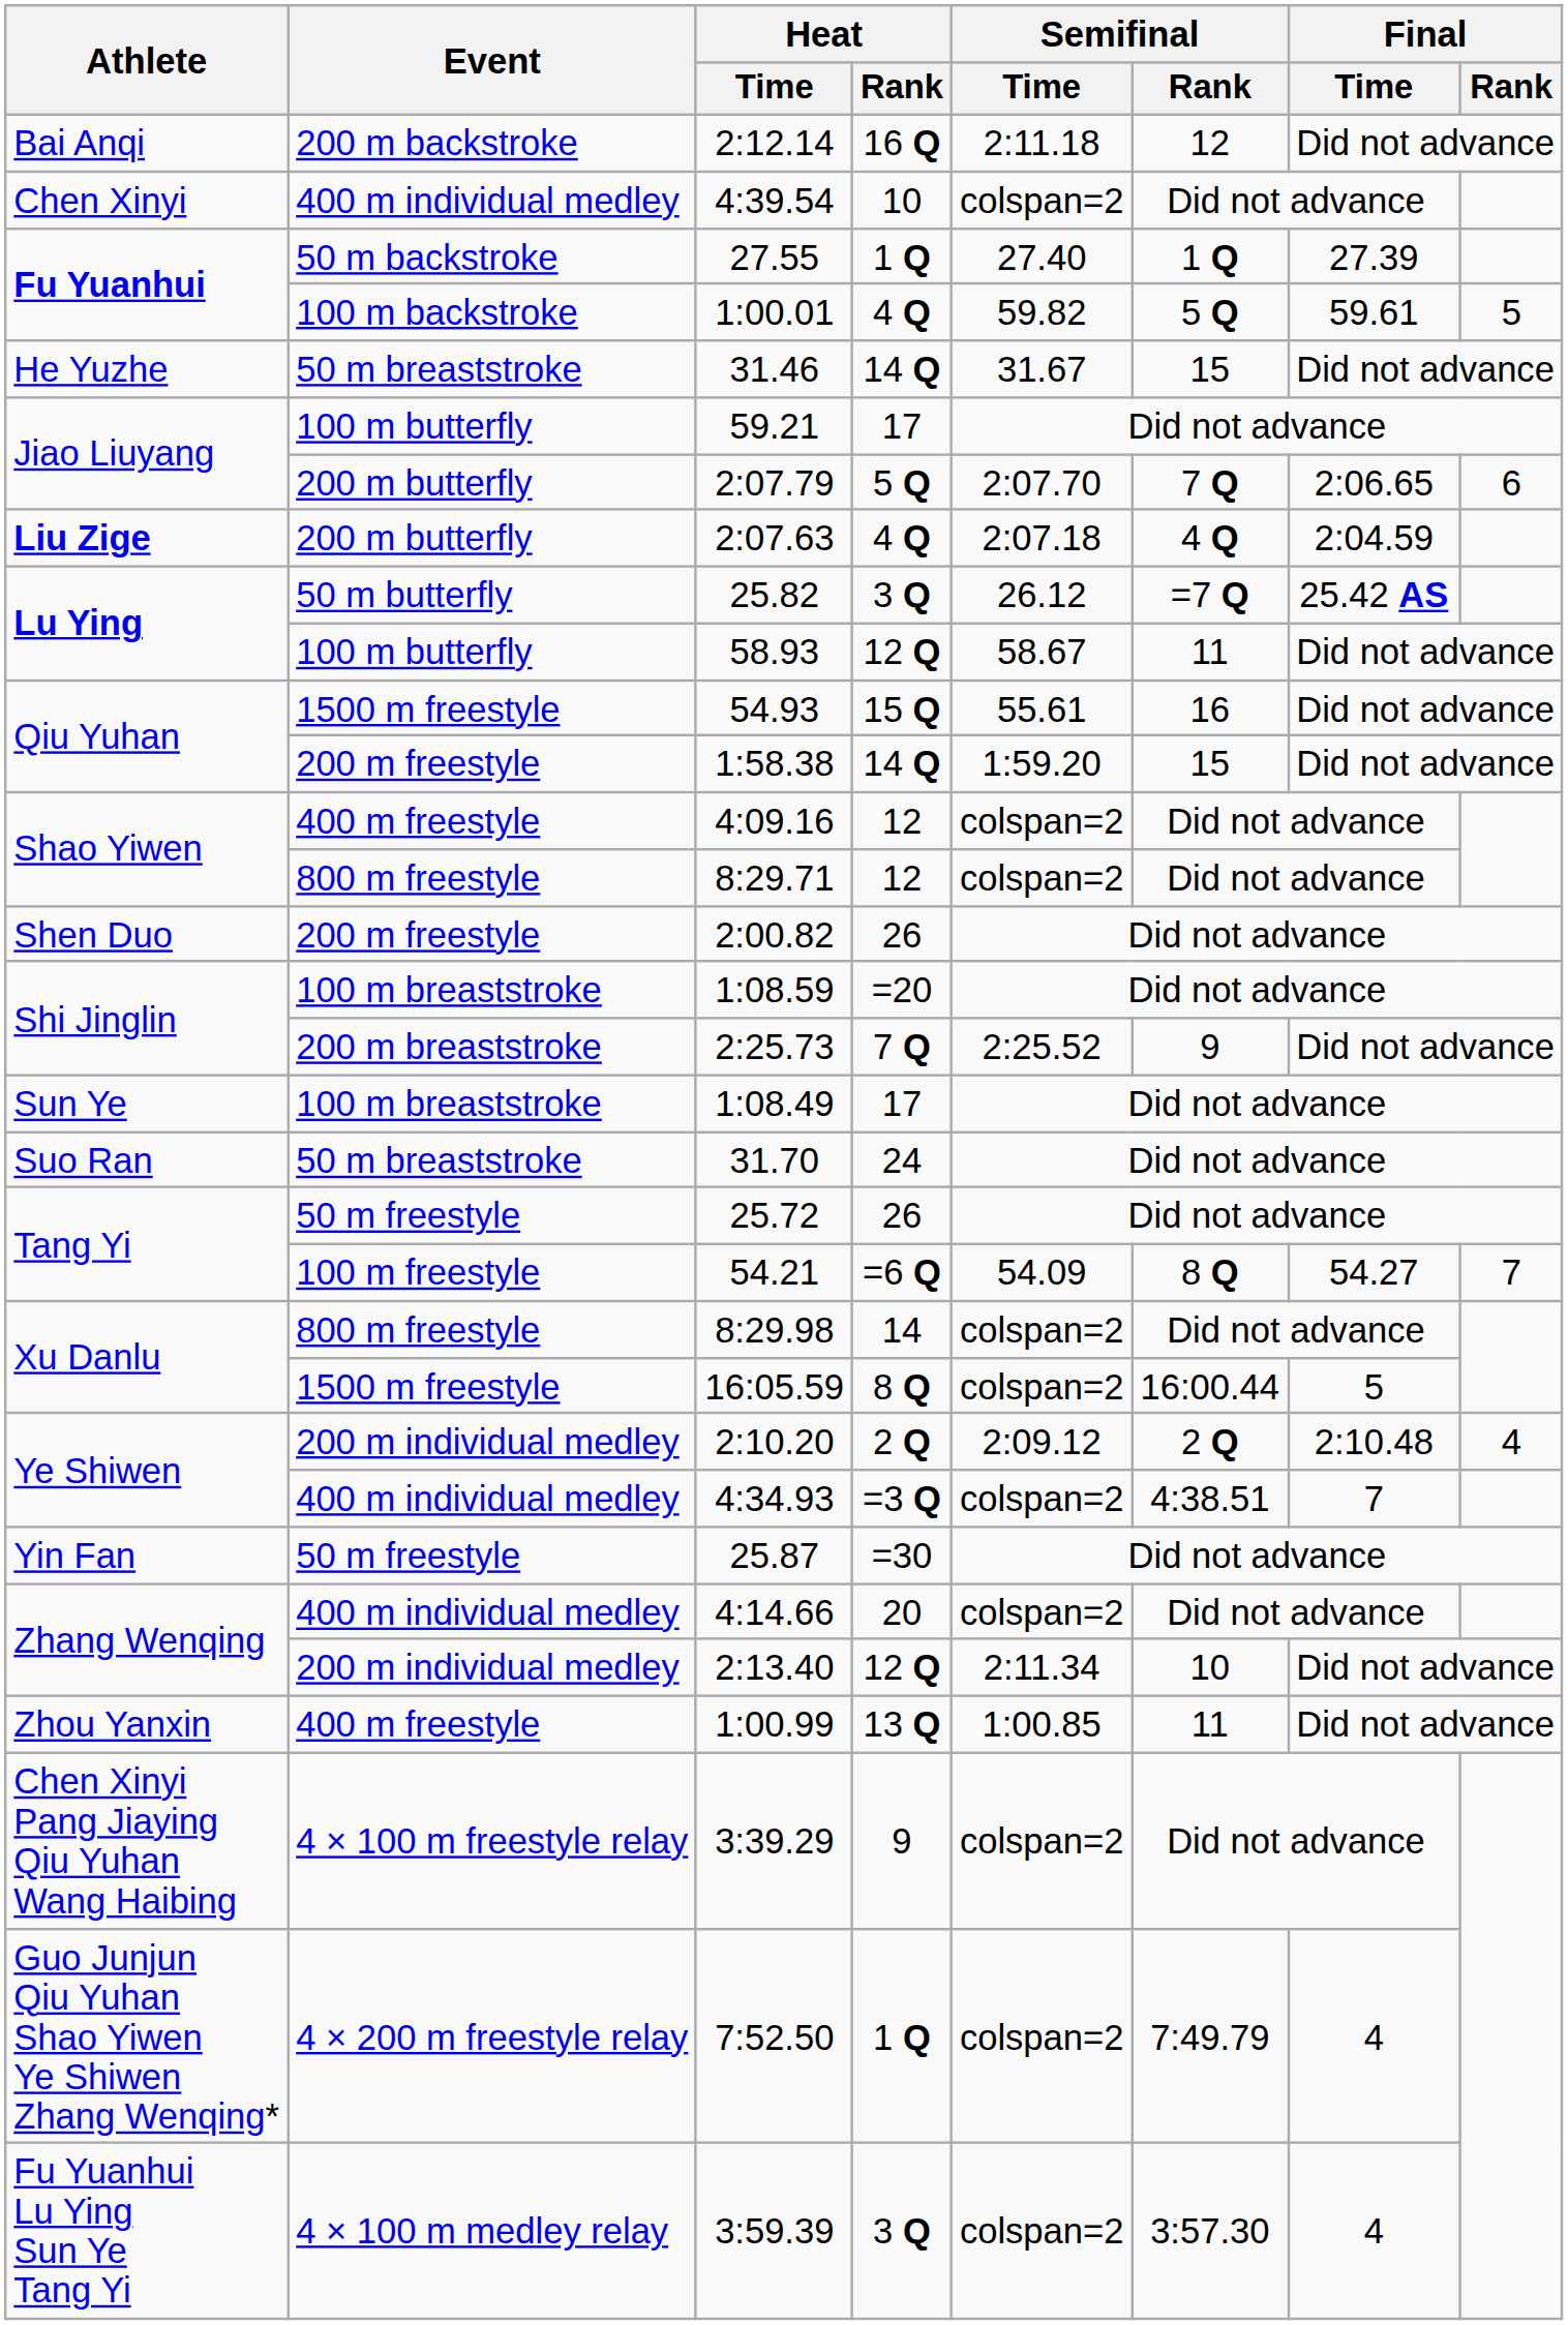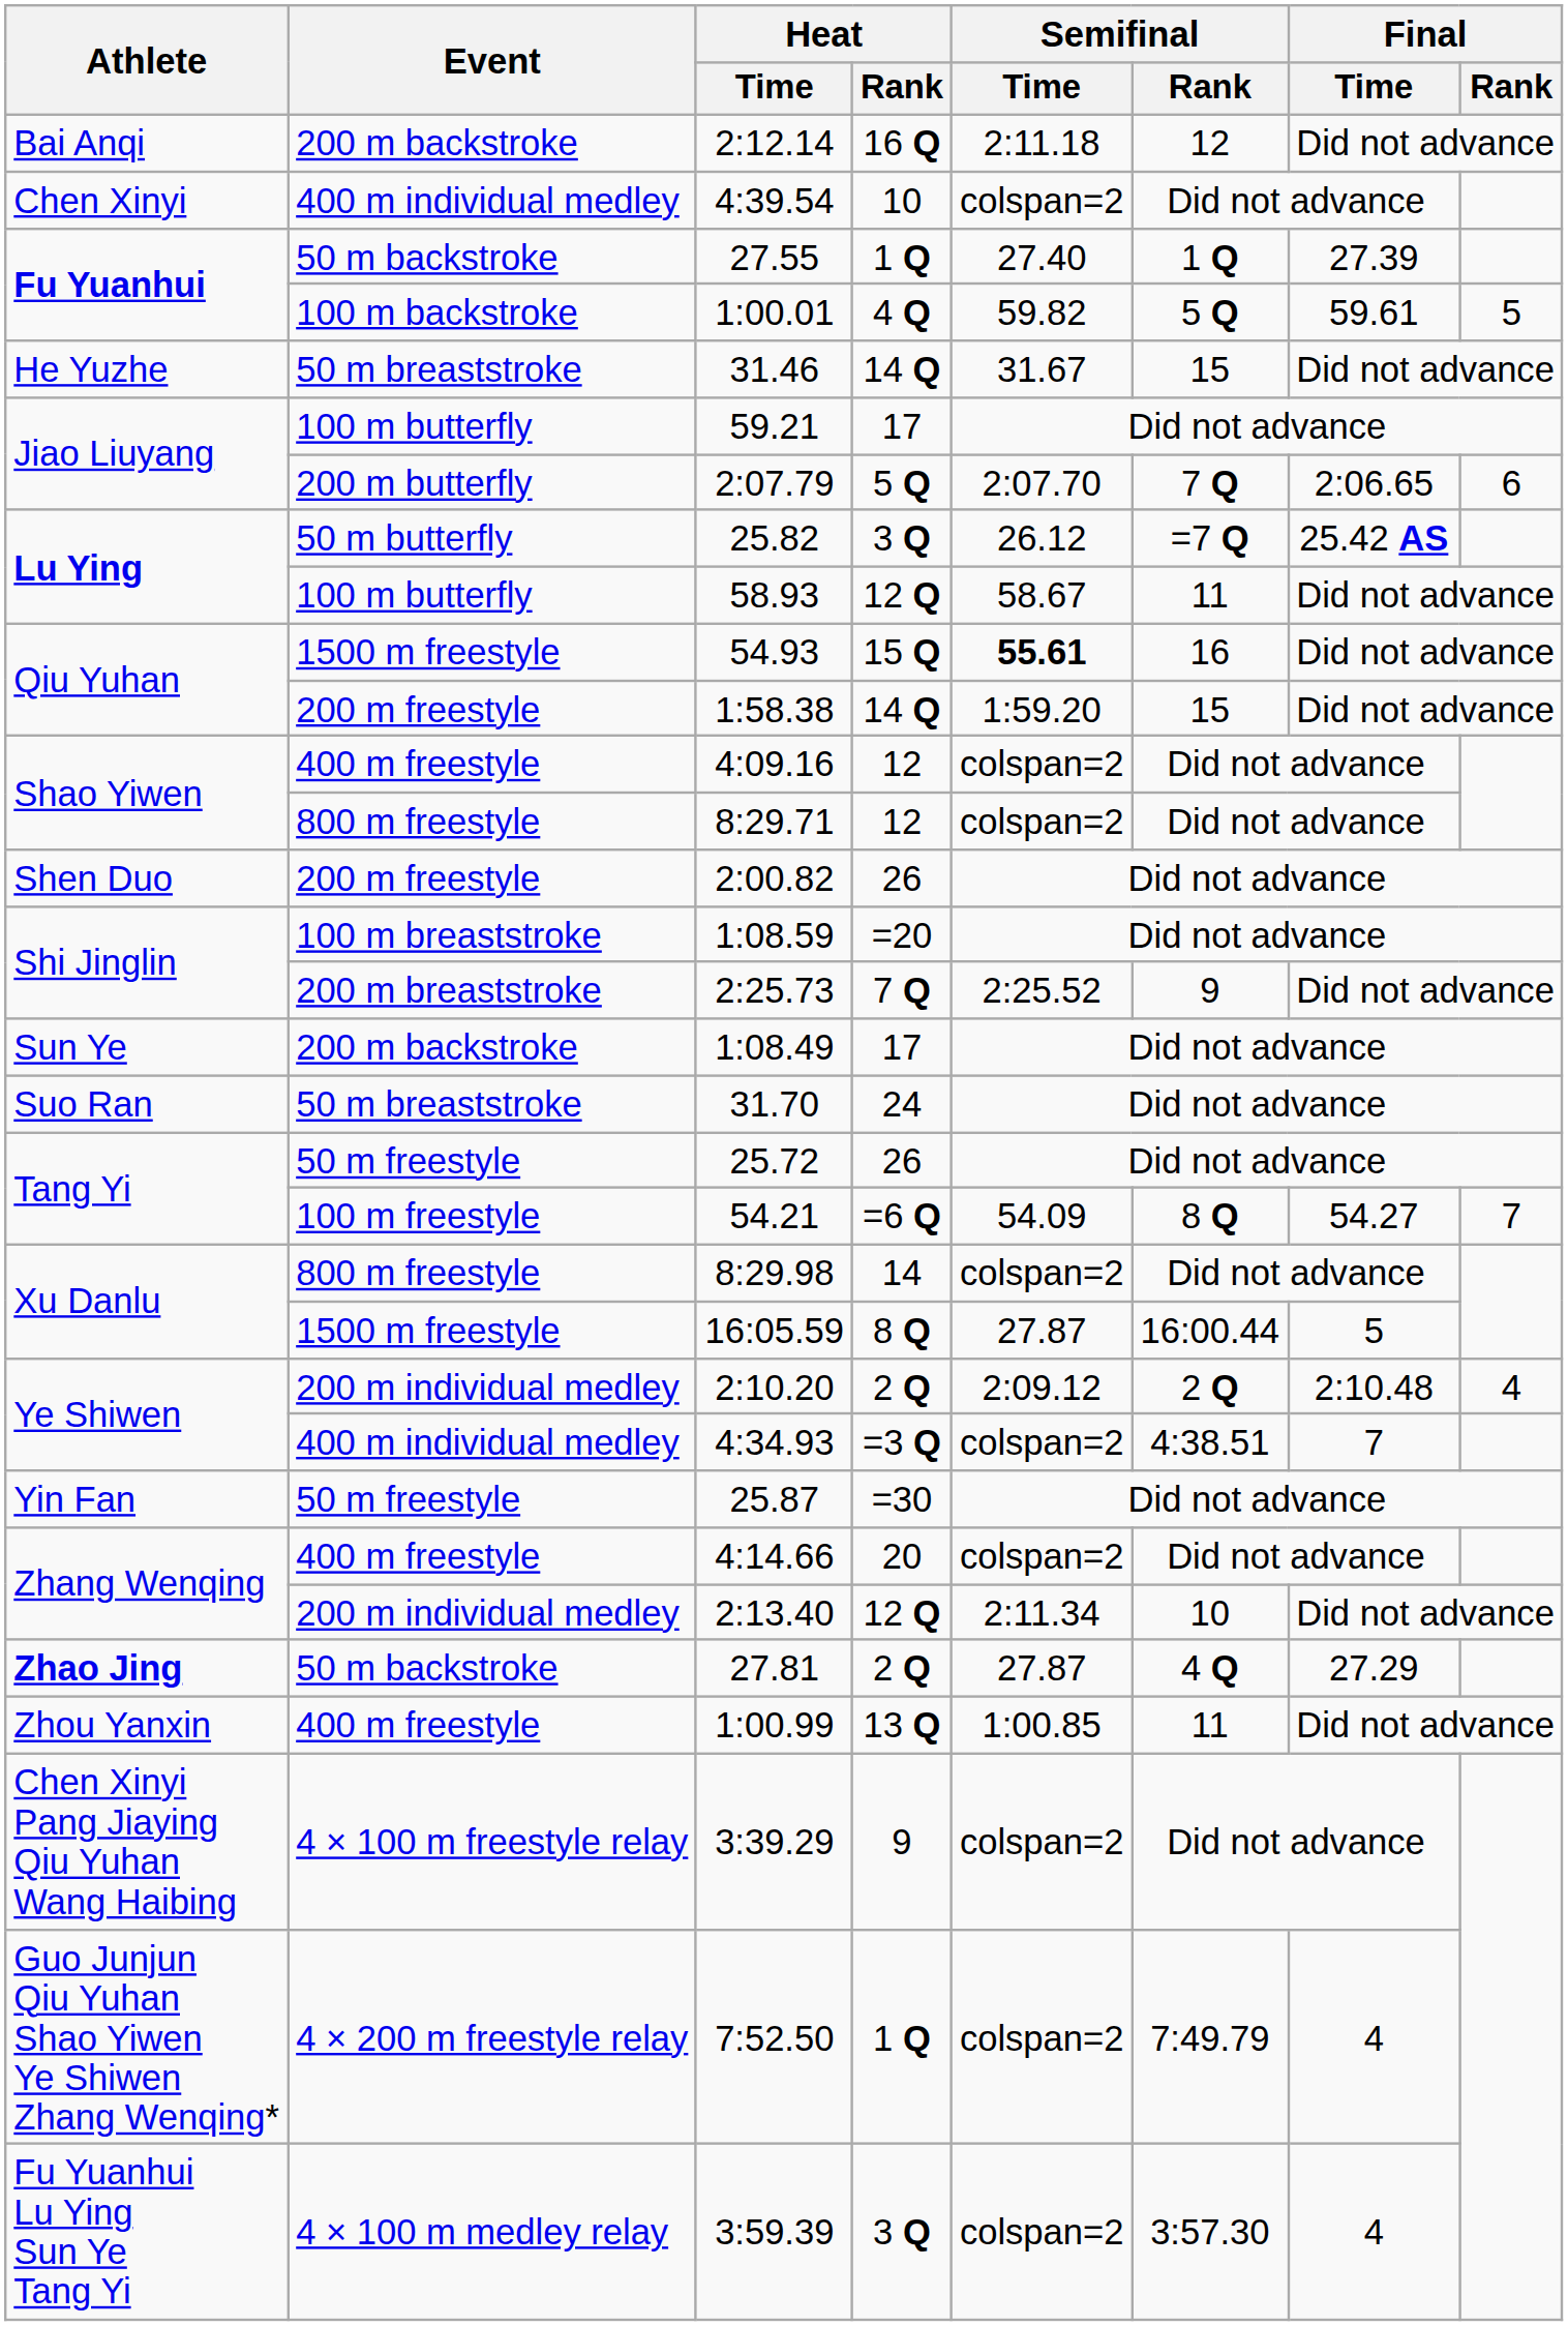 <table class=wikitable style="font-size:90%">
 <tr>
 <th rowspan="2">Athlete</th>
 <th rowspan="2">Event</th>
 <th colspan="2">Heat</th>
 <th colspan="2">Semifinal</th>
 <th colspan="2">Final</th>
 </tr>
 <tr style="font-size:95%">
 <th>Time</th>
 <th>Rank</th>
 <th>Time</th>
 <th>Rank</th>
 <th>Time</th>
 <th>Rank</th>
 </tr>
 <tr align=center>
 <td align=left><a href='#'>Bai Anqi</a></td>
 <td align=left><a href='#'>200 m backstroke</a></td>
 <td>2:12.14</td>
 <td>16 <strong>Q</strong></td>
 <td>2:11.18</td>
 <td>12</td>
 <td colspan=2>Did not advance</td>
 </tr>
 <tr align=center>
 <td align=left><a href='#'>Chen Xinyi</a></td>
 <td align=left><a href='#'>400 m individual medley</a></td>
 <td>4:39.54</td>
 <td>10</td>
 <td>colspan=2 </td>
 <td colspan=2>Did not advance</td>
 </tr>
 <tr align=center>
 <td align=left rowspan=2><strong><a href='#'>Fu Yuanhui</a></strong></td>
 <td align=left><a href='#'>50 m backstroke</a></td>
 <td>27.55</td>
 <td>1 <strong>Q</strong></td>
 <td>27.40</td>
 <td>1 <strong>Q</strong></td>
 <td>27.39</td>
 <td></td>
 </tr>
 <tr align=center>
 <td align=left><a href='#'>100 m backstroke</a></td>
 <td>1:00.01</td>
 <td>4 <strong>Q</strong></td>
 <td>59.82</td>
 <td>5 <strong>Q</strong></td>
 <td>59.61</td>
 <td>5</td>
 </tr>
 <tr align=center>
 <td align=left><a href='#'>He Yuzhe</a></td>
 <td align=left><a href='#'>50 m breaststroke</a></td>
 <td>31.46</td>
 <td>14 <strong>Q</strong></td>
 <td>31.67</td>
 <td>15</td>
 <td colspan=2>Did not advance</td>
 </tr>
 <tr align=center>
 <td align=left rowspan=2><a href='#'>Jiao Liuyang</a></td>
 <td align=left><a href='#'>100 m butterfly</a></td>
 <td>59.21</td>
 <td>17</td>
 <td colspan=4>Did not advance</td>
 </tr>
 <tr align=center>
 <td align=left><a href='#'>200 m butterfly</a></td>
 <td>2:07.79</td>
 <td>5 <strong>Q</strong></td>
 <td>2:07.70</td>
 <td>7 <strong>Q</strong></td>
 <td>2:06.65</td>
 <td>6</td>
 </tr>
 <tr align=center>
-<td align=left><strong><a href='#'>Liu Zige</a></strong></td>
-<td align=left><a href='#'>200 m butterfly</a></td>
-<td>2:07.63</td>
-<td>4 <strong>Q</strong></td>
-<td>2:07.18</td>
-<td>4 <strong>Q</strong></td>
-<td>2:04.59</td>
-<td></td>
-</tr>
-<tr align=center>
 <td align=left rowspan=2><strong><a href='#'>Lu Ying</a></strong></td>
 <td align=left><a href='#'>50 m butterfly</a></td>
 <td>25.82</td>
 <td>3 <strong>Q</strong></td>
 <td>26.12</td>
 <td>=7 <strong>Q</strong></td>
 <td>25.42 <strong><a href='#'>AS</a></strong></td>
 <td></td>
 </tr>
 <tr align=center>
 <td align=left><a href='#'>100 m butterfly</a></td>
 <td>58.93</td>
 <td>12 <strong>Q</strong></td>
 <td>58.67</td>
 <td>11</td>
 <td colspan=2>Did not advance</td>
 </tr>
 <tr align=center>
 <td align=left rowspan=2><a href='#'>Qiu Yuhan</a></td>
 <td align=left><a href='#'>1500 m freestyle</a></td>
 <td>54.93</td>
 <td>15 <strong>Q</strong></td>
-<td>55.61</td>
+<td><strong>55.61</strong></td>
 <td>16</td>
 <td colspan=2>Did not advance</td>
 </tr>
 <tr align=center>
 <td align=left><a href='#'>200 m freestyle</a></td>
 <td>1:58.38</td>
 <td>14 <strong>Q</strong></td>
 <td>1:59.20</td>
 <td>15</td>
 <td colspan=2>Did not advance</td>
 </tr>
 <tr align=center>
 <td align=left rowspan=2><a href='#'>Shao Yiwen</a></td>
 <td align=left><a href='#'>400 m freestyle</a></td>
 <td>4:09.16</td>
 <td>12</td>
 <td>colspan=2 </td>
 <td colspan=2>Did not advance</td>
 </tr>
 <tr align=center>
 <td align=left><a href='#'>800 m freestyle</a></td>
 <td>8:29.71</td>
 <td>12</td>
 <td>colspan=2 </td>
 <td colspan=2>Did not advance</td>
 </tr>
 <tr align=center>
 <td align=left><a href='#'>Shen Duo</a></td>
 <td align=left><a href='#'>200 m freestyle</a></td>
 <td>2:00.82</td>
 <td>26</td>
 <td colspan=4>Did not advance</td>
 </tr>
 <tr align=center>
 <td align=left rowspan=2><a href='#'>Shi Jinglin</a></td>
 <td align=left><a href='#'>100 m breaststroke</a></td>
 <td>1:08.59</td>
 <td>=20</td>
 <td colspan=4>Did not advance</td>
 </tr>
 <tr align=center>
 <td align=left><a href='#'>200 m breaststroke</a></td>
 <td>2:25.73</td>
 <td>7 <strong>Q</strong></td>
 <td>2:25.52</td>
 <td>9</td>
 <td colspan=2>Did not advance</td>
 </tr>
 <tr align=center>
 <td align=left><a href='#'>Sun Ye</a></td>
-<td align=left><a href='#'>100 m breaststroke</a></td>
+<td align=left><a href='#'>200 m backstroke</a></td>
 <td>1:08.49</td>
 <td>17</td>
 <td colspan=4>Did not advance</td>
 </tr>
 <tr align=center>
 <td align=left><a href='#'>Suo Ran</a></td>
 <td align=left><a href='#'>50 m breaststroke</a></td>
 <td>31.70</td>
 <td>24</td>
 <td colspan=4>Did not advance</td>
 </tr>
 <tr align=center>
 <td align=left rowspan=2><a href='#'>Tang Yi</a></td>
 <td align=left><a href='#'>50 m freestyle</a></td>
 <td>25.72</td>
 <td>26</td>
 <td colspan=4>Did not advance</td>
 </tr>
 <tr align=center>
 <td align=left><a href='#'>100 m freestyle</a></td>
 <td>54.21</td>
 <td>=6 <strong>Q</strong></td>
 <td>54.09</td>
 <td>8 <strong>Q</strong></td>
 <td>54.27</td>
 <td>7</td>
 </tr>
 <tr align=center>
 <td align=left rowspan=2><a href='#'>Xu Danlu</a></td>
 <td align=left><a href='#'>800 m freestyle</a></td>
 <td>8:29.98</td>
 <td>14</td>
 <td>colspan=2 </td>
 <td colspan=2>Did not advance</td>
 </tr>
 <tr align=center>
 <td align=left><a href='#'>1500 m freestyle</a></td>
 <td>16:05.59</td>
 <td>8 <strong>Q</strong></td>
-<td>colspan=2 </td>
+<td>27.87</td>
 <td>16:00.44</td>
 <td>5</td>
 </tr>
 <tr align=center>
 <td align=left rowspan=2><a href='#'>Ye Shiwen</a></td>
 <td align=left><a href='#'>200 m individual medley</a></td>
 <td>2:10.20</td>
 <td>2 <strong>Q</strong></td>
 <td>2:09.12</td>
 <td>2 <strong>Q</strong></td>
 <td>2:10.48</td>
 <td>4</td>
 </tr>
 <tr align=center>
 <td align=left><a href='#'>400 m individual medley</a></td>
 <td>4:34.93</td>
 <td>=3 <strong>Q</strong></td>
 <td>colspan=2 </td>
 <td>4:38.51</td>
 <td>7</td>
 </tr>
 <tr align=center>
 <td align=left><a href='#'>Yin Fan</a></td>
 <td align=left><a href='#'>50 m freestyle</a></td>
 <td>25.87</td>
 <td>=30</td>
 <td colspan=4>Did not advance</td>
 </tr>
 <tr align=center>
 <td align=left rowspan=2><a href='#'>Zhang Wenqing</a></td>
-<td align=left><a href='#'>400 m individual medley</a></td>
+<td align=left><a href='#'>400 m freestyle</a></td>
 <td>4:14.66</td>
 <td>20</td>
 <td>colspan=2 </td>
 <td colspan=2>Did not advance</td>
 </tr>
 <tr align=center>
 <td align=left><a href='#'>200 m individual medley</a></td>
 <td>2:13.40</td>
 <td>12 <strong>Q</strong></td>
 <td>2:11.34</td>
 <td>10</td>
 <td colspan=2>Did not advance</td>
+</tr>
+<tr align=center>
+<td align=left><strong><a href='#'>Zhao Jing</a></strong></td>
+<td align=left><a href='#'>50 m backstroke</a></td>
+<td>27.81</td>
+<td>2 <strong>Q</strong></td>
+<td>27.87</td>
+<td>4 <strong>Q</strong></td>
+<td>27.29</td>
+<td></td>
 </tr>
 <tr align=center>
 <td align=left><a href='#'>Zhou Yanxin</a></td>
 <td align=left><a href='#'>400 m freestyle</a></td>
 <td>1:00.99</td>
 <td>13 <strong>Q</strong></td>
 <td>1:00.85</td>
 <td>11</td>
 <td colspan=2>Did not advance</td>
 </tr>
 <tr align=center>
 <td align=left><a href='#'>Chen Xinyi</a><br><a href='#'>Pang Jiaying</a><br><a href='#'>Qiu Yuhan</a><br><a href='#'>Wang Haibing</a></td>
 <td align=left><a href='#'>4 × 100 m freestyle relay</a></td>
 <td>3:39.29</td>
 <td>9</td>
 <td>colspan=2 </td>
 <td colspan=2>Did not advance</td>
 </tr>
 <tr align=center>
 <td align=left><a href='#'>Guo Junjun</a><br><a href='#'>Qiu Yuhan</a><br><a href='#'>Shao Yiwen</a><br><a href='#'>Ye Shiwen</a><br><a href='#'>Zhang Wenqing</a>*</td>
 <td align=left><a href='#'>4 × 200 m freestyle relay</a></td>
 <td>7:52.50</td>
 <td>1 <strong>Q</strong></td>
 <td>colspan=2 </td>
 <td>7:49.79</td>
 <td>4</td>
 </tr>
 <tr align=center>
 <td align=left><a href='#'>Fu Yuanhui</a><br><a href='#'>Lu Ying</a><br><a href='#'>Sun Ye</a><br><a href='#'>Tang Yi</a></td>
 <td align=left><a href='#'>4 × 100 m medley relay</a></td>
 <td>3:59.39</td>
 <td>3 <strong>Q</strong></td>
 <td>colspan=2 </td>
 <td>3:57.30</td>
 <td>4</td>
 </tr>
 </table>
